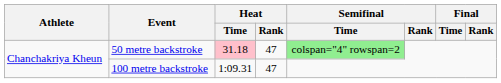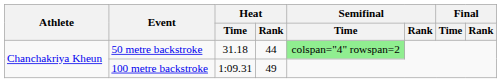 <table class="wikitable" style="text-align:center; font-size:90%; width:50%;">
 <tr>
 <th rowspan="2">Athlete</th>
 <th rowspan="2">Event</th>
 <th colspan="2">Heat</th>
 <th colspan="2">Semifinal</th>
 <th colspan="2">Final</th>
 </tr>
 <tr style="font-size:95%">
 <th>Time</th>
 <th>Rank</th>
 <th>Time</th>
 <th>Rank</th>
 <th>Time</th>
 <th>Rank</th>
 </tr>
 <tr>
 <td align=left rowspan=2><a href='#'>Chanchakriya Kheun</a></td>
 <td align=left><a href='#'>50 metre backstroke</a></td>
-<td style="background: pink;">31.18</td>
-<td>47</td>
+<td>31.18</td>
+<td>44</td>
 <td style="background: lightgreen;">colspan="4" rowspan=2 </td>
 </tr>
 <tr align=center>
 <td align=left><a href='#'>100 metre backstroke</a></td>
 <td>1:09.31</td>
-<td>47</td>
+<td>49</td>
 </tr>
 </table>
